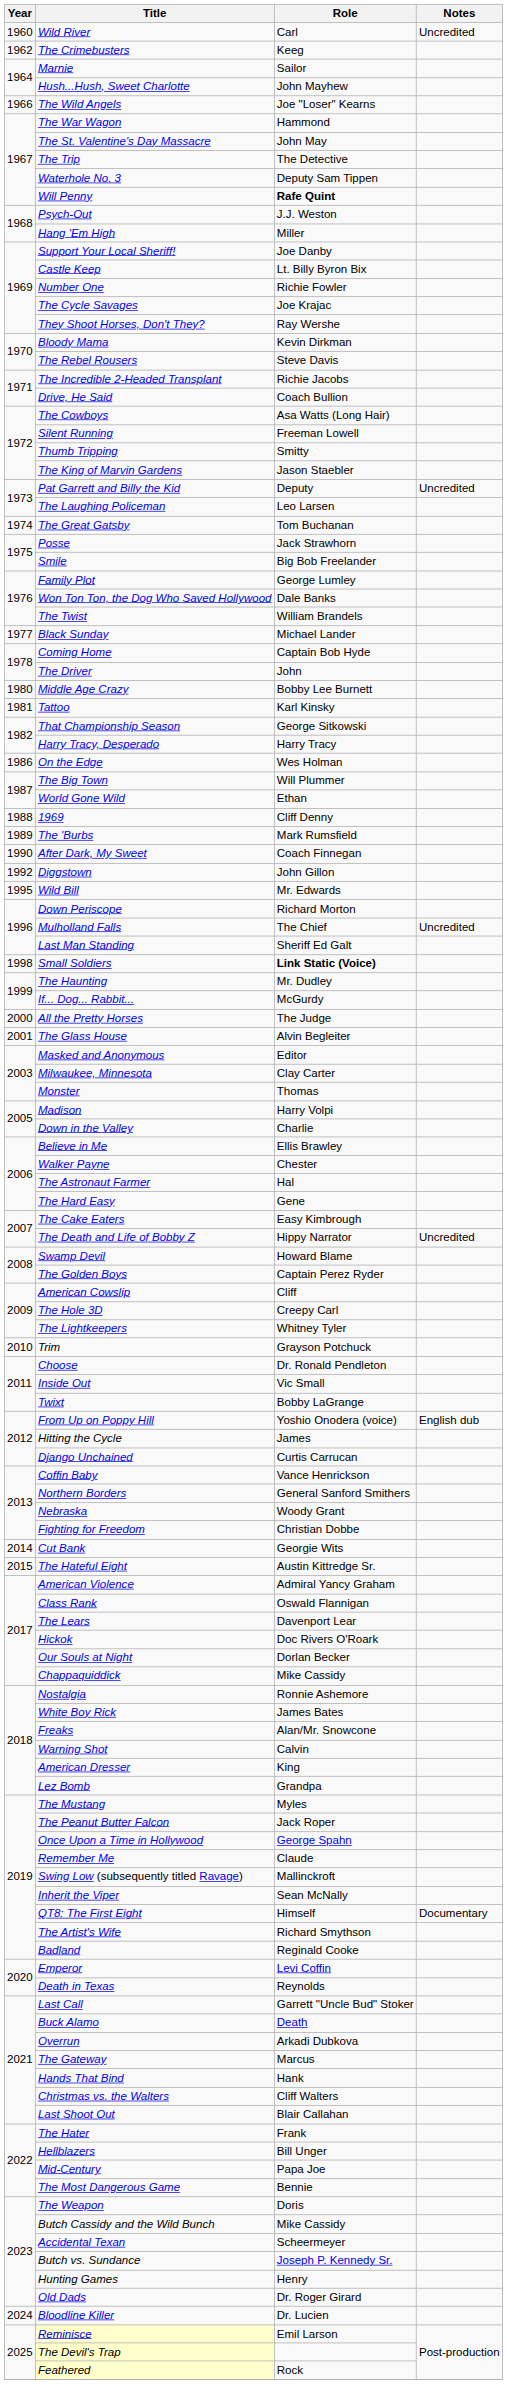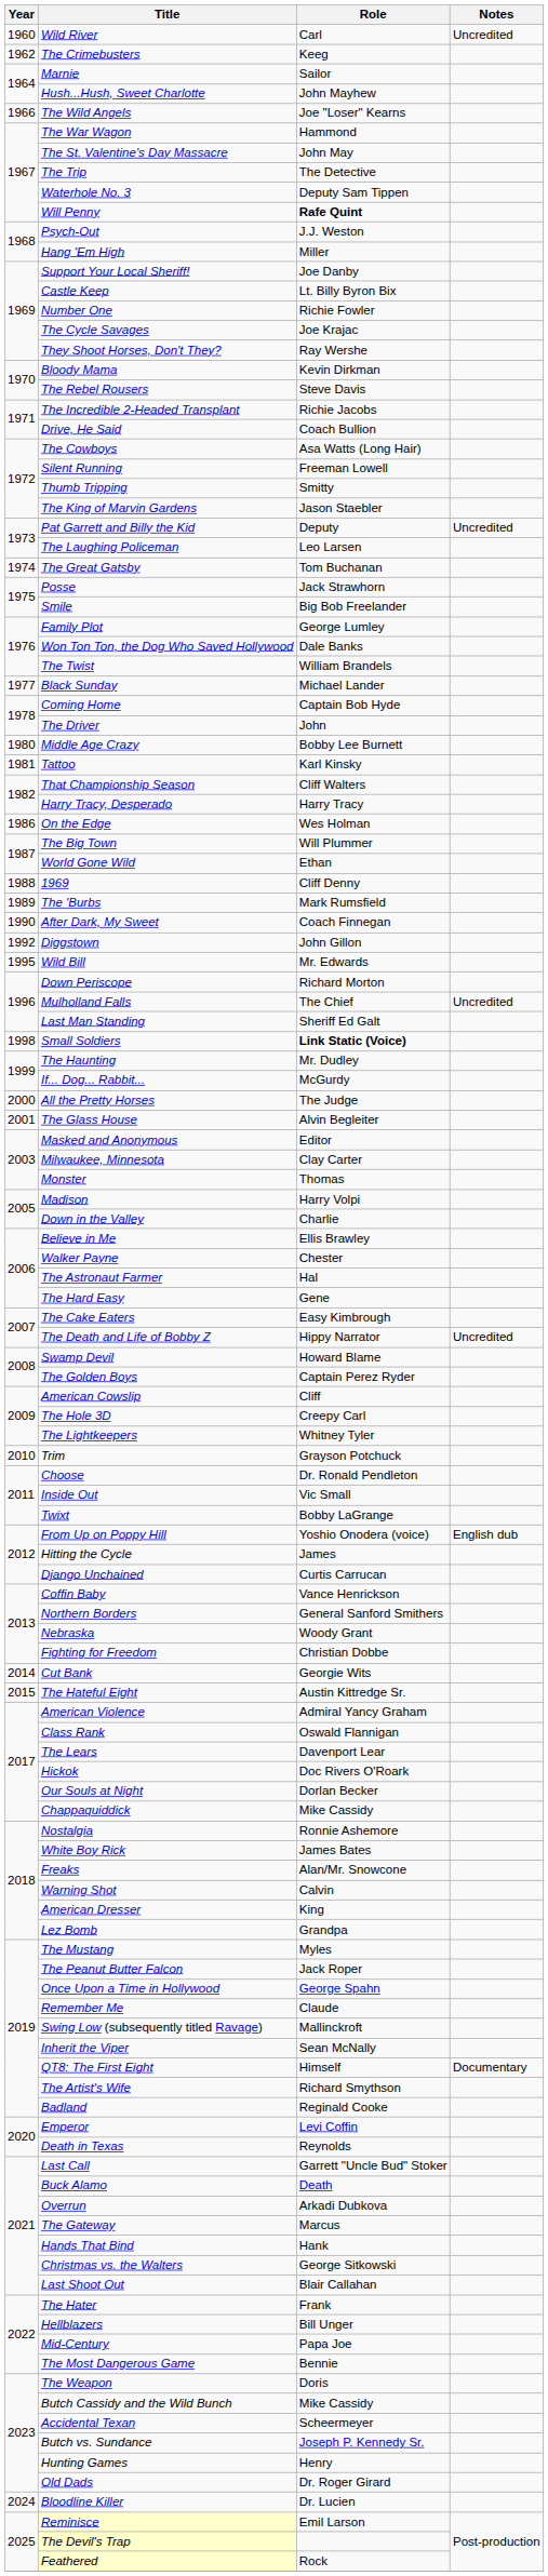 <table class="wikitable sortable">
 <tr>
 <th>Year</th>
 <th>Title</th>
 <th>Role</th>
 <th>Notes</th>
 </tr>
 <tr>
 <td>1960</td>
 <td><em><a href='#'>Wild River</a></em></td>
 <td>Carl</td>
 <td>Uncredited</td>
 </tr>
 <tr>
 <td>1962</td>
 <td><em><a href='#'>The Crimebusters</a></em></td>
 <td>Keeg</td>
 <td></td>
 </tr>
 <tr>
 <td rowspan=2>1964</td>
 <td><em><a href='#'>Marnie</a></em></td>
 <td>Sailor</td>
 <td></td>
 </tr>
 <tr>
 <td><em><a href='#'>Hush...Hush, Sweet Charlotte</a></em></td>
 <td>John Mayhew</td>
 <td></td>
 </tr>
 <tr>
 <td>1966</td>
 <td><em><a href='#'>The Wild Angels</a></em></td>
 <td>Joe "Loser" Kearns</td>
 <td></td>
 </tr>
 <tr>
 <td rowspan=5>1967</td>
 <td><em><a href='#'>The War Wagon</a></em></td>
 <td>Hammond</td>
 <td></td>
 </tr>
 <tr>
 <td><em><a href='#'>The St. Valentine's Day Massacre</a></em></td>
 <td>John May</td>
 <td></td>
 </tr>
 <tr>
 <td><em><a href='#'>The Trip</a></em></td>
 <td>The Detective</td>
 <td></td>
 </tr>
 <tr>
 <td><em><a href='#'>Waterhole No. 3</a></em></td>
 <td>Deputy Sam Tippen</td>
 <td></td>
 </tr>
 <tr>
 <td><em><a href='#'>Will Penny</a></em></td>
 <td><strong>Rafe Quint</strong></td>
 <td></td>
 </tr>
 <tr>
 <td rowspan=2>1968</td>
 <td><em><a href='#'>Psych-Out</a></em></td>
 <td>J.J. Weston</td>
 <td></td>
 </tr>
 <tr>
 <td><em><a href='#'>Hang 'Em High</a></em></td>
 <td>Miller</td>
 <td></td>
 </tr>
 <tr>
 <td rowspan=5>1969</td>
 <td><em><a href='#'>Support Your Local Sheriff!</a></em></td>
 <td>Joe Danby</td>
 <td></td>
 </tr>
 <tr>
 <td><em><a href='#'>Castle Keep</a></em></td>
 <td>Lt. Billy Byron Bix</td>
 <td></td>
 </tr>
 <tr>
 <td><em><a href='#'>Number One</a></em></td>
 <td>Richie Fowler</td>
 <td></td>
 </tr>
 <tr>
 <td><em><a href='#'>The Cycle Savages</a></em></td>
 <td>Joe Krajac</td>
 <td></td>
 </tr>
 <tr>
 <td><em><a href='#'>They Shoot Horses, Don't They?</a></em></td>
 <td>Ray Wershe</td>
 <td></td>
 </tr>
 <tr>
 <td rowspan=2>1970</td>
 <td><em><a href='#'>Bloody Mama</a></em></td>
 <td>Kevin Dirkman</td>
 <td></td>
 </tr>
 <tr>
 <td><em><a href='#'>The Rebel Rousers</a></em></td>
 <td>Steve Davis</td>
 <td></td>
 </tr>
 <tr>
 <td rowspan=2>1971</td>
 <td><em><a href='#'>The Incredible 2-Headed Transplant</a></em></td>
 <td>Richie Jacobs</td>
 <td></td>
 </tr>
 <tr>
 <td><em><a href='#'>Drive, He Said</a></em></td>
 <td>Coach Bullion</td>
 <td></td>
 </tr>
 <tr>
 <td rowspan=4>1972</td>
 <td><em><a href='#'>The Cowboys</a></em></td>
 <td>Asa Watts (Long Hair)</td>
 <td></td>
 </tr>
 <tr>
 <td><em><a href='#'>Silent Running</a></em></td>
 <td>Freeman Lowell</td>
 <td></td>
 </tr>
 <tr>
 <td><em><a href='#'>Thumb Tripping</a></em></td>
 <td>Smitty</td>
 <td></td>
 </tr>
 <tr>
 <td><em><a href='#'>The King of Marvin Gardens</a></em></td>
 <td>Jason Staebler</td>
 <td></td>
 </tr>
 <tr>
 <td rowspan=2>1973</td>
 <td><em><a href='#'>Pat Garrett and Billy the Kid</a></em></td>
 <td>Deputy</td>
 <td>Uncredited</td>
 </tr>
 <tr>
 <td><em><a href='#'>The Laughing Policeman</a></em></td>
 <td>Leo Larsen</td>
 <td></td>
 </tr>
 <tr>
 <td>1974</td>
 <td><em><a href='#'>The Great Gatsby</a></em></td>
 <td>Tom Buchanan</td>
 <td></td>
 </tr>
 <tr>
 <td rowspan=2>1975</td>
 <td><em><a href='#'>Posse</a></em></td>
 <td>Jack Strawhorn</td>
 <td></td>
 </tr>
 <tr>
 <td><em><a href='#'>Smile</a></em></td>
 <td>Big Bob Freelander</td>
 <td></td>
 </tr>
 <tr>
 <td rowspan=3>1976</td>
 <td><em><a href='#'>Family Plot</a></em></td>
 <td>George Lumley</td>
 <td></td>
 </tr>
 <tr>
 <td><em><a href='#'>Won Ton Ton, the Dog Who Saved Hollywood</a></em></td>
 <td>Dale Banks</td>
 <td></td>
 </tr>
 <tr>
 <td><em><a href='#'>The Twist</a></em></td>
 <td>William Brandels</td>
 <td></td>
 </tr>
 <tr>
 <td>1977</td>
 <td><em><a href='#'>Black Sunday</a></em></td>
 <td>Michael Lander</td>
 <td></td>
 </tr>
 <tr>
 <td rowspan=2>1978</td>
 <td><em><a href='#'>Coming Home</a></em></td>
 <td>Captain Bob Hyde</td>
 <td></td>
 </tr>
 <tr>
 <td><em><a href='#'>The Driver</a></em></td>
 <td>John</td>
 <td></td>
 </tr>
 <tr>
 <td>1980</td>
 <td><em><a href='#'>Middle Age Crazy</a></em></td>
 <td>Bobby Lee Burnett</td>
 <td></td>
 </tr>
 <tr>
 <td>1981</td>
 <td><em><a href='#'>Tattoo</a></em></td>
 <td>Karl Kinsky</td>
 <td></td>
 </tr>
 <tr>
 <td rowspan=2>1982</td>
 <td><em><a href='#'>That Championship Season</a></em></td>
-<td>George Sitkowski</td>
+<td>Cliff Walters</td>
 <td></td>
 </tr>
 <tr>
 <td><em><a href='#'>Harry Tracy, Desperado</a></em></td>
 <td>Harry Tracy</td>
 <td></td>
 </tr>
 <tr>
 <td>1986</td>
 <td><em><a href='#'>On the Edge</a></em></td>
 <td>Wes Holman</td>
 <td></td>
 </tr>
 <tr>
 <td rowspan=2>1987</td>
 <td><em><a href='#'>The Big Town</a></em></td>
 <td>Will Plummer</td>
 <td></td>
 </tr>
 <tr>
 <td><em><a href='#'>World Gone Wild</a></em></td>
 <td>Ethan</td>
 <td></td>
 </tr>
 <tr>
 <td>1988</td>
 <td><em><a href='#'>1969</a></em></td>
 <td>Cliff Denny</td>
 <td></td>
 </tr>
 <tr>
 <td>1989</td>
 <td><em><a href='#'>The 'Burbs</a></em></td>
 <td>Mark Rumsfield</td>
 <td></td>
 </tr>
 <tr>
 <td>1990</td>
 <td><em><a href='#'>After Dark, My Sweet</a></em></td>
 <td>Coach Finnegan</td>
 <td></td>
 </tr>
 <tr>
 <td>1992</td>
 <td><em><a href='#'>Diggstown</a></em></td>
 <td>John Gillon</td>
 <td></td>
 </tr>
 <tr>
 <td>1995</td>
 <td><em><a href='#'>Wild Bill</a></em></td>
 <td>Mr. Edwards</td>
 <td></td>
 </tr>
 <tr>
 <td rowspan=3>1996</td>
 <td><em><a href='#'>Down Periscope</a></em></td>
 <td>Richard Morton</td>
 <td></td>
 </tr>
 <tr>
 <td><em><a href='#'>Mulholland Falls</a></em></td>
 <td>The Chief</td>
 <td>Uncredited</td>
 </tr>
 <tr>
 <td><em><a href='#'>Last Man Standing</a></em></td>
 <td>Sheriff Ed Galt</td>
 <td></td>
 </tr>
 <tr>
 <td>1998</td>
 <td><em><a href='#'>Small Soldiers</a></em></td>
 <td><strong>Link Static (Voice)</strong></td>
 <td></td>
 </tr>
 <tr>
 <td rowspan=2>1999</td>
 <td><em><a href='#'>The Haunting</a></em></td>
 <td>Mr. Dudley</td>
 <td></td>
 </tr>
 <tr>
 <td><em><a href='#'>If... Dog... Rabbit...</a></em></td>
 <td>McGurdy</td>
 <td></td>
 </tr>
 <tr>
 <td>2000</td>
 <td><em><a href='#'>All the Pretty Horses</a></em></td>
 <td>The Judge</td>
 <td></td>
 </tr>
 <tr>
 <td>2001</td>
 <td><em><a href='#'>The Glass House</a></em></td>
 <td>Alvin Begleiter</td>
 <td></td>
 </tr>
 <tr>
 <td rowspan=3>2003</td>
 <td><em><a href='#'>Masked and Anonymous</a></em></td>
 <td>Editor</td>
 <td></td>
 </tr>
 <tr>
 <td><em><a href='#'>Milwaukee, Minnesota</a></em></td>
 <td>Clay Carter</td>
 <td></td>
 </tr>
 <tr>
 <td><em><a href='#'>Monster</a></em></td>
 <td>Thomas</td>
 <td></td>
 </tr>
 <tr>
 <td rowspan=2>2005</td>
 <td><em><a href='#'>Madison</a></em></td>
 <td>Harry Volpi</td>
 <td></td>
 </tr>
 <tr>
 <td><em><a href='#'>Down in the Valley</a></em></td>
 <td>Charlie</td>
 <td></td>
 </tr>
 <tr>
 <td rowspan=4>2006</td>
 <td><em><a href='#'>Believe in Me</a></em></td>
 <td>Ellis Brawley</td>
 <td></td>
 </tr>
 <tr>
 <td><em><a href='#'>Walker Payne</a></em></td>
 <td>Chester</td>
 <td></td>
 </tr>
 <tr>
 <td><em><a href='#'>The Astronaut Farmer</a></em></td>
 <td>Hal</td>
 <td></td>
 </tr>
 <tr>
 <td><em><a href='#'>The Hard Easy</a></em></td>
 <td>Gene</td>
 <td></td>
 </tr>
 <tr>
 <td rowspan="2">2007</td>
 <td><em><a href='#'>The Cake Eaters</a></em></td>
 <td>Easy Kimbrough</td>
 <td></td>
 </tr>
 <tr>
 <td><em><a href='#'>The Death and Life of Bobby Z</a></em></td>
 <td>Hippy Narrator</td>
 <td>Uncredited</td>
 </tr>
 <tr>
 <td rowspan=2>2008</td>
 <td><em><a href='#'>Swamp Devil</a></em></td>
 <td>Howard Blame</td>
 <td></td>
 </tr>
 <tr>
 <td><em><a href='#'>The Golden Boys</a></em></td>
 <td>Captain Perez Ryder</td>
 <td></td>
 </tr>
 <tr>
 <td rowspan=3>2009</td>
 <td><em><a href='#'>American Cowslip</a></em></td>
 <td>Cliff</td>
 <td></td>
 </tr>
 <tr>
 <td><em><a href='#'>The Hole 3D</a></em></td>
 <td>Creepy Carl</td>
 <td></td>
 </tr>
 <tr>
 <td><em><a href='#'>The Lightkeepers</a></em></td>
 <td>Whitney Tyler</td>
 <td></td>
 </tr>
 <tr>
 <td>2010</td>
 <td><em>Trim</em></td>
 <td>Grayson Potchuck</td>
 <td></td>
 </tr>
 <tr>
 <td rowspan=3>2011</td>
 <td><em><a href='#'>Choose</a></em></td>
 <td>Dr. Ronald Pendleton</td>
 <td></td>
 </tr>
 <tr>
 <td><em><a href='#'>Inside Out</a></em></td>
 <td>Vic Small</td>
 <td></td>
 </tr>
 <tr>
 <td><em><a href='#'>Twixt</a></em></td>
 <td>Bobby LaGrange</td>
 <td></td>
 </tr>
 <tr>
 <td rowspan=3>2012</td>
 <td><em><a href='#'>From Up on Poppy Hill</a></em></td>
 <td>Yoshio Onodera (voice)</td>
 <td>English dub</td>
 </tr>
 <tr>
 <td><em>Hitting the Cycle</em></td>
 <td>James</td>
 <td></td>
 </tr>
 <tr>
 <td><em><a href='#'>Django Unchained</a></em></td>
 <td>Curtis Carrucan</td>
 <td></td>
 </tr>
 <tr>
 <td rowspan=4>2013</td>
 <td><em><a href='#'>Coffin Baby</a></em></td>
 <td>Vance Henrickson</td>
 <td></td>
 </tr>
 <tr>
 <td><em><a href='#'>Northern Borders</a></em></td>
 <td>General Sanford Smithers</td>
 <td></td>
 </tr>
 <tr>
 <td><em><a href='#'>Nebraska</a></em></td>
 <td>Woody Grant</td>
 <td></td>
 </tr>
 <tr>
 <td><em><a href='#'>Fighting for Freedom</a></em></td>
 <td>Christian Dobbe</td>
 <td></td>
 </tr>
 <tr>
 <td>2014</td>
 <td><em><a href='#'>Cut Bank</a></em></td>
 <td>Georgie Wits</td>
 <td></td>
 </tr>
 <tr>
 <td>2015</td>
 <td><em><a href='#'>The Hateful Eight</a></em></td>
 <td>Austin Kittredge Sr.</td>
 <td></td>
 </tr>
 <tr>
 <td rowspan=6>2017</td>
 <td><em><a href='#'>American Violence</a></em></td>
 <td>Admiral Yancy Graham</td>
 <td></td>
 </tr>
 <tr>
 <td><em><a href='#'>Class Rank</a></em></td>
 <td>Oswald Flannigan</td>
 <td></td>
 </tr>
 <tr>
 <td><em><a href='#'>The Lears</a></em></td>
 <td>Davenport Lear</td>
 <td></td>
 </tr>
 <tr>
 <td><em><a href='#'>Hickok</a></em></td>
 <td>Doc Rivers O'Roark</td>
 <td></td>
 </tr>
 <tr>
 <td><em><a href='#'>Our Souls at Night</a></em></td>
 <td>Dorlan Becker</td>
 <td></td>
 </tr>
 <tr>
 <td><em><a href='#'>Chappaquiddick</a></em></td>
 <td>Mike Cassidy</td>
 <td></td>
 </tr>
 <tr>
 <td rowspan=6>2018</td>
 <td><em><a href='#'>Nostalgia</a></em></td>
 <td>Ronnie Ashemore</td>
 <td></td>
 </tr>
 <tr>
 <td><em><a href='#'>White Boy Rick</a></em></td>
 <td>James Bates</td>
 <td></td>
 </tr>
 <tr>
 <td><em><a href='#'>Freaks</a></em></td>
 <td>Alan/Mr. Snowcone</td>
 <td></td>
 </tr>
 <tr>
 <td><em><a href='#'>Warning Shot</a></em></td>
 <td>Calvin</td>
 <td></td>
 </tr>
 <tr>
 <td><em><a href='#'>American Dresser</a></em></td>
 <td>King</td>
 <td></td>
 </tr>
 <tr>
 <td><em><a href='#'>Lez Bomb</a></em></td>
 <td>Grandpa</td>
 <td></td>
 </tr>
 <tr>
 <td rowspan=9>2019</td>
 <td><em><a href='#'>The Mustang</a></em></td>
 <td>Myles</td>
 <td></td>
 </tr>
 <tr>
 <td><em><a href='#'>The Peanut Butter Falcon</a></em></td>
 <td>Jack Roper</td>
 <td></td>
 </tr>
 <tr>
 <td><em><a href='#'>Once Upon a Time in Hollywood</a></em></td>
 <td><a href='#'>George Spahn</a></td>
 <td></td>
 </tr>
 <tr>
 <td><em><a href='#'>Remember Me</a></em></td>
 <td>Claude</td>
 <td></td>
 </tr>
 <tr>
 <td><em><a href='#'>Swing Low</a></em> (subsequently titled <a href='#'>Ravage</a>)</td>
 <td>Mallinckroft</td>
 <td></td>
 </tr>
 <tr>
 <td><em><a href='#'>Inherit the Viper</a></em></td>
 <td>Sean McNally</td>
 <td></td>
 </tr>
 <tr>
 <td><em><a href='#'>QT8: The First Eight</a></em></td>
 <td>Himself</td>
 <td>Documentary</td>
 </tr>
 <tr>
 <td><em><a href='#'>The Artist's Wife</a></em></td>
 <td>Richard Smythson</td>
 <td></td>
 </tr>
 <tr>
 <td><em><a href='#'>Badland</a></em></td>
 <td>Reginald Cooke</td>
 <td></td>
 </tr>
 <tr>
 <td rowspan=2>2020</td>
 <td><em><a href='#'>Emperor</a></em></td>
 <td><a href='#'>Levi Coffin</a></td>
 <td></td>
 </tr>
 <tr>
 <td><em><a href='#'>Death in Texas</a></em></td>
 <td>Reynolds</td>
 <td></td>
 </tr>
 <tr>
 <td rowspan="7">2021</td>
 <td><em><a href='#'>Last Call</a></em></td>
 <td>Garrett "Uncle Bud" Stoker</td>
 <td></td>
 </tr>
 <tr>
 <td><em><a href='#'>Buck Alamo</a></em></td>
 <td><a href='#'>Death</a></td>
 <td></td>
 </tr>
 <tr>
 <td><em><a href='#'>Overrun</a></em></td>
 <td>Arkadi Dubkova</td>
 <td></td>
 </tr>
 <tr>
 <td><em><a href='#'>The Gateway</a></em></td>
 <td>Marcus</td>
 <td></td>
 </tr>
 <tr>
 <td><em><a href='#'>Hands That Bind</a></em></td>
 <td>Hank</td>
 <td></td>
 </tr>
 <tr>
 <td><em><a href='#'>Christmas vs. the Walters</a></em></td>
-<td>Cliff Walters</td>
+<td>George Sitkowski</td>
 <td></td>
 </tr>
 <tr>
 <td><em><a href='#'>Last Shoot Out</a></em></td>
 <td>Blair Callahan</td>
 <td></td>
 </tr>
 <tr>
 <td rowspan="4">2022</td>
 <td><em><a href='#'>The Hater</a></em></td>
 <td>Frank</td>
 <td></td>
 </tr>
 <tr>
 <td><em><a href='#'>Hellblazers</a></em></td>
 <td>Bill Unger</td>
 <td></td>
 </tr>
 <tr>
 <td><em><a href='#'>Mid-Century</a></em></td>
 <td>Papa Joe</td>
 <td></td>
 </tr>
 <tr>
 <td><em><a href='#'>The Most Dangerous Game</a></em></td>
 <td>Bennie</td>
 <td></td>
 </tr>
 <tr>
 <td rowspan="6">2023</td>
 <td><em><a href='#'>The Weapon</a></em></td>
 <td>Doris</td>
 <td></td>
 </tr>
 <tr>
 <td><em>Butch Cassidy and the Wild Bunch</em></td>
 <td>Mike Cassidy</td>
 <td></td>
 </tr>
 <tr>
 <td><em><a href='#'>Accidental Texan</a></em></td>
 <td>Scheermeyer</td>
 <td></td>
 </tr>
 <tr>
 <td><em>Butch vs. Sundance</em></td>
 <td><a href='#'>Joseph P. Kennedy Sr.</a></td>
 <td></td>
 </tr>
 <tr>
 <td><em>Hunting Games</em></td>
 <td>Henry</td>
 <td></td>
 </tr>
 <tr>
 <td><em><a href='#'>Old Dads</a></em></td>
 <td>Dr. Roger Girard</td>
 <td></td>
 </tr>
 <tr>
 <td rowspan="1">2024</td>
 <td><em><a href='#'>Bloodline Killer</a></em></td>
 <td>Dr. Lucien</td>
 <td></td>
 </tr>
 <tr>
 <td rowspan="3">2025</td>
 <td style="background:#FFFFCC;"><em><a href='#'>Reminisce</a></em> </td>
 <td>Emil Larson</td>
 <td rowspan="3">Post-production</td>
 </tr>
 <tr>
 <td style="background:#FFFFCC;"><em>The Devil's Trap</em> </td>
 <td></td>
 </tr>
 <tr>
 <td style="background:#FFFFCC;"><em>Feathered</em> </td>
 <td>Rock</td>
 </tr>
 <tr>
 </tr>
 </table>
